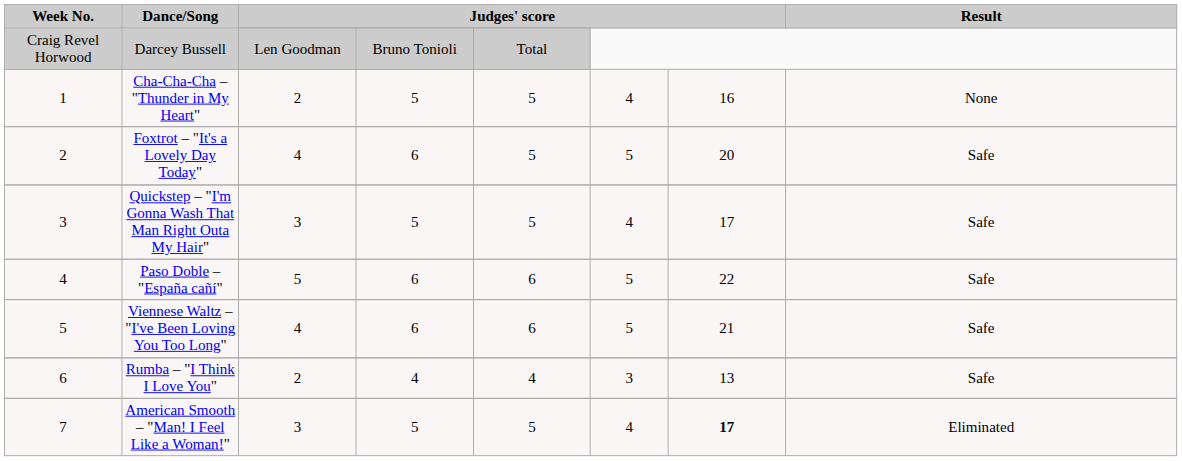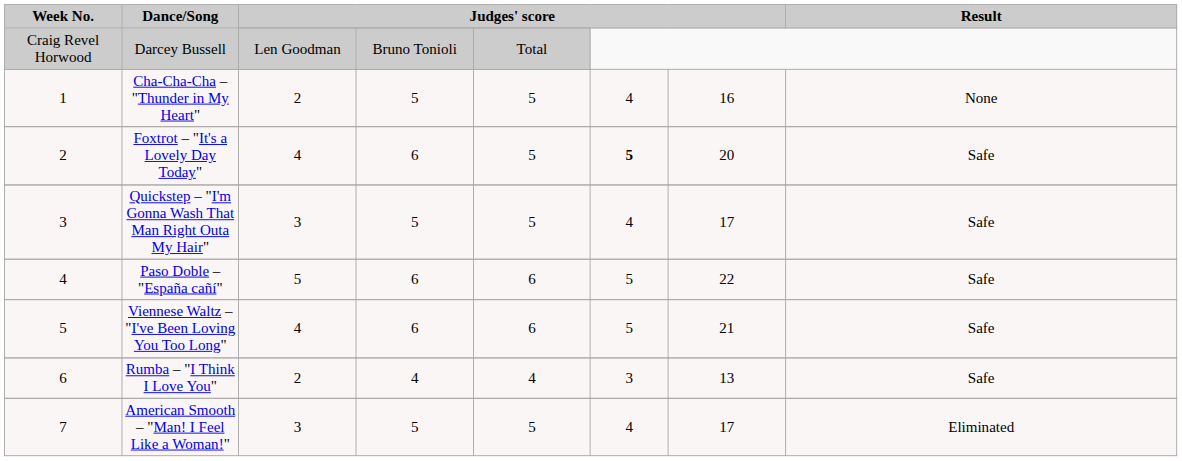 <table class="wikitable">
 <tr>
 <td rowspan="2" style="background:#CCCCCC;" align="Center"><strong>Week No.</strong></td>
 <td rowspan="2" style="background:#CCCCCC;" align="Center"><strong>Dance/Song</strong></td>
 <td colspan="5" style="background:#CCCCCC;" align="Center"><strong>Judges' score</strong></td>
 <td rowspan="2" style="background:#CCCCCC;" align="Center"><strong>Result</strong></td>
 </tr>
 <tr>
 </tr>
 <tr>
 <td style="background:#CCCCCC;" width="10%" align="center">Craig Revel Horwood</td>
 <td style="background:#CCCCCC;" width="10%" align="center">Darcey Bussell</td>
 <td style="background:#CCCCCC;" width="10%" align="center">Len Goodman</td>
 <td style="background:#CCCCCC;" width="10%" align="center">Bruno Tonioli</td>
 <td style="background:#CCCCCC;" width="10%" align="center">Total</td>
 </tr>
 <tr>
 </tr>
 <tr>
 <td align="center" style="background:#FAF6F6;">1</td>
 <td align="center" style="background:#FAF6F6;"><a href='#'>Cha-Cha-Cha</a> – "<a href='#'>Thunder in My Heart</a>"</td>
 <td align="center" style="background:#FAF6F6;">2</td>
 <td align="center" style="background:#FAF6F6;">5</td>
 <td align="center" style="background:#FAF6F6;">5</td>
 <td align="center" style="background:#FAF6F6;">4</td>
 <td align="center" style="background:#FAF6F6;">16</td>
 <td align="center" style="background:#FAF6F6;">None</td>
 </tr>
 <tr>
 </tr>
 <tr>
 <td align="center" style="background:#FAF6F6;">2</td>
 <td align="center" style="background:#FAF6F6;"><a href='#'>Foxtrot</a> – "<a href='#'>It's a Lovely Day Today</a>"</td>
 <td align="center" style="background:#FAF6F6;">4</td>
 <td align="center" style="background:#FAF6F6;">6</td>
 <td align="center" style="background:#FAF6F6;">5</td>
-<td align="center" style="background:#FAF6F6;">5</td>
+<td align="center" style="background:#FAF6F6;"><strong>5</strong></td>
 <td align="center" style="background:#FAF6F6;">20</td>
 <td align="center" style="background:#FAF6F6;">Safe</td>
 </tr>
 <tr>
 </tr>
 <tr>
 <td align="center" style="background:#FAF6F6;">3</td>
 <td align="center" style="background:#FAF6F6;"><a href='#'>Quickstep</a> – "<a href='#'>I'm Gonna Wash That Man Right Outa My Hair</a>"</td>
 <td align="center" style="background:#FAF6F6;">3</td>
 <td align="center" style="background:#FAF6F6;">5</td>
 <td align="center" style="background:#FAF6F6;">5</td>
 <td align="center" style="background:#FAF6F6;">4</td>
 <td align="center" style="background:#FAF6F6;">17</td>
 <td align="center" style="background:#FAF6F6;">Safe</td>
 </tr>
 <tr>
 </tr>
 <tr>
 <td align="center" style="background:#FAF6F6;">4</td>
 <td align="center" style="background:#FAF6F6;"><a href='#'>Paso Doble</a> – "<a href='#'>España cañí</a>"</td>
 <td align="center" style="background:#FAF6F6;">5</td>
 <td align="center" style="background:#FAF6F6;">6</td>
 <td align="center" style="background:#FAF6F6;">6</td>
 <td align="center" style="background:#FAF6F6;">5</td>
 <td align="center" style="background:#FAF6F6;">22</td>
 <td align="center" style="background:#FAF6F6;">Safe</td>
 </tr>
 <tr>
 </tr>
 <tr>
 <td align="center" style="background:#FAF6F6;">5</td>
 <td align="center" style="background:#FAF6F6;"><a href='#'>Viennese Waltz</a> – "<a href='#'>I've Been Loving You Too Long</a>"</td>
 <td align="center" style="background:#FAF6F6;">4</td>
 <td align="center" style="background:#FAF6F6;">6</td>
 <td align="center" style="background:#FAF6F6;">6</td>
 <td align="center" style="background:#FAF6F6;">5</td>
 <td align="center" style="background:#FAF6F6;">21</td>
 <td align="center" style="background:#FAF6F6;">Safe</td>
 </tr>
 <tr>
 </tr>
 <tr>
 <td align="center" style="background:#FAF6F6;">6</td>
 <td align="center" style="background:#FAF6F6;"><a href='#'>Rumba</a> – "<a href='#'>I Think I Love You</a>"</td>
 <td align="center" style="background:#FAF6F6;">2</td>
 <td align="center" style="background:#FAF6F6;">4</td>
 <td align="center" style="background:#FAF6F6;">4</td>
 <td align="center" style="background:#FAF6F6;">3</td>
 <td align="center" style="background:#FAF6F6;">13</td>
 <td align="center" style="background:#FAF6F6;">Safe</td>
 </tr>
 <tr>
 </tr>
 <tr>
 <td align="center" style="background:#FAF6F6;">7</td>
 <td align="center" style="background:#FAF6F6;"><a href='#'>American Smooth</a> – "<a href='#'>Man! I Feel Like a Woman!</a>"</td>
 <td align="center" style="background:#FAF6F6;">3</td>
 <td align="center" style="background:#FAF6F6;">5</td>
 <td align="center" style="background:#FAF6F6;">5</td>
 <td align="center" style="background:#FAF6F6;">4</td>
-<td align="center" style="background:#FAF6F6;"><strong>17</strong></td>
+<td align="center" style="background:#FAF6F6;">17</td>
 <td align="center" style="background:#FAF6F6;">Eliminated</td>
 </tr>
 </table>
